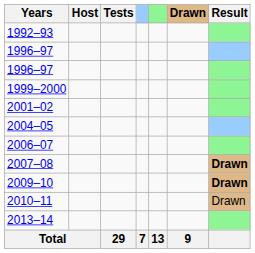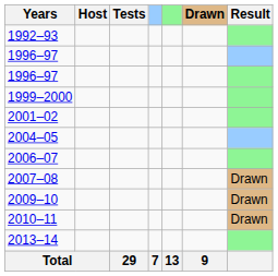 <table class="wikitable sortable">
 <tr>
 <th scope="col" class="unsortable">Years</th>
 <th scope="col" class="unsortable">Host</th>
 <th scope="col" class="unsortable">Tests</th>
 <th style="background:#99ccff"></th>
 <th style="background:#8ef595"></th>
 <th style="background:#deb887">Drawn</th>
 <th scope="col" class="unsortable">Result</th>
 </tr>
 <tr>
 <td><a href='#'>1992–93</a></td>
 <td></td>
 <td></td>
 <td></td>
 <td></td>
 <td></td>
 <td bgcolor="#8ef595"></td>
 </tr>
 <tr>
 <td><a href='#'>1996–97</a></td>
 <td></td>
 <td></td>
 <td></td>
 <td></td>
 <td></td>
 <td bgcolor="#99ccff"></td>
 </tr>
 <tr>
 <td><a href='#'>1996–97</a></td>
 <td></td>
 <td></td>
 <td></td>
 <td></td>
 <td></td>
 <td bgcolor="#8ef595"></td>
 </tr>
 <tr>
 <td><a href='#'>1999–2000</a></td>
 <td></td>
 <td></td>
 <td></td>
 <td></td>
 <td></td>
 <td bgcolor="#8ef595"></td>
 </tr>
 <tr>
 <td><a href='#'>2001–02</a></td>
 <td></td>
 <td></td>
 <td></td>
 <td></td>
 <td></td>
 <td bgcolor="#8ef595"></td>
 </tr>
 <tr>
 <td><a href='#'>2004–05</a></td>
 <td></td>
 <td></td>
 <td></td>
 <td></td>
 <td></td>
 <td bgcolor="#99ccff"></td>
 </tr>
 <tr>
 <td><a href='#'>2006–07</a></td>
 <td></td>
 <td></td>
 <td></td>
 <td></td>
 <td></td>
 <td bgcolor="#8ef595"></td>
 </tr>
 <tr>
 <td><a href='#'>2007–08</a></td>
 <td></td>
 <td></td>
 <td></td>
 <td></td>
 <td></td>
-<td bgcolor="#deb887"><strong>Drawn</strong></td>
+<td bgcolor="#deb887">Drawn</td>
 </tr>
 <tr>
 <td><a href='#'>2009–10</a></td>
 <td></td>
 <td></td>
 <td></td>
 <td></td>
 <td></td>
-<td bgcolor="#deb887"><strong>Drawn</strong></td>
+<td bgcolor="#deb887">Drawn</td>
 </tr>
 <tr>
 <td><a href='#'>2010–11</a></td>
 <td></td>
 <td></td>
 <td></td>
 <td></td>
 <td></td>
 <td bgcolor="#deb887">Drawn</td>
 </tr>
 <tr>
 <td><a href='#'>2013–14</a></td>
 <td></td>
 <td></td>
 <td></td>
 <td></td>
 <td></td>
 <td bgcolor="#8ef595"></td>
 </tr>
 <tr>
 <th colspan="2;" align="center" style="bold">Total</th>
 <th style="text-align: center;">29</th>
 <th style="text-align: center;">7</th>
 <th style="text-align: center;">13</th>
 <th style="text-align: center;">9</th>
 <th colspan="1;" align="center" style="bold"></th>
 </tr>
 </table>
